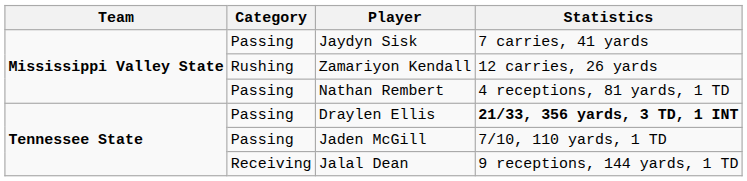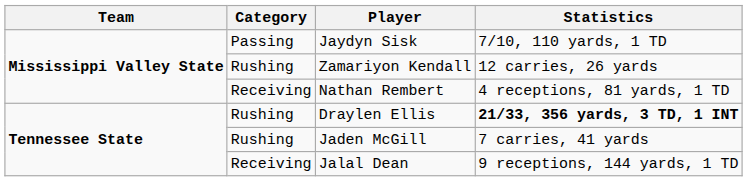 <table class="wikitable" style="float: right;">
 <tr>
 <th>Team</th>
 <th>Category</th>
 <th>Player</th>
 <th>Statistics</th>
 </tr>
 <tr>
 <td rowspan=3><strong>Mississippi Valley State</strong></td>
 <td>Passing</td>
 <td>Jaydyn Sisk</td>
-<td>7 carries, 41 yards</td>
+<td>7/10, 110 yards, 1 TD</td>
 </tr>
 <tr>
 <td>Rushing</td>
 <td>Zamariyon Kendall</td>
 <td>12 carries, 26 yards</td>
 </tr>
 <tr>
-<td>Passing</td>
+<td>Receiving</td>
 <td>Nathan Rembert</td>
 <td>4 receptions, 81 yards, 1 TD</td>
 </tr>
 <tr>
 <td rowspan=3><strong>Tennessee State</strong></td>
-<td>Passing</td>
+<td>Rushing</td>
 <td>Draylen Ellis</td>
 <td><strong>21/33, 356 yards, 3 TD, 1 INT</strong></td>
 </tr>
 <tr>
-<td>Passing</td>
+<td>Rushing</td>
 <td>Jaden McGill</td>
-<td>7/10, 110 yards, 1 TD</td>
+<td>7 carries, 41 yards</td>
 </tr>
 <tr>
 <td>Receiving</td>
 <td>Jalal Dean</td>
 <td>9 receptions, 144 yards, 1 TD</td>
 </tr>
 </table>
